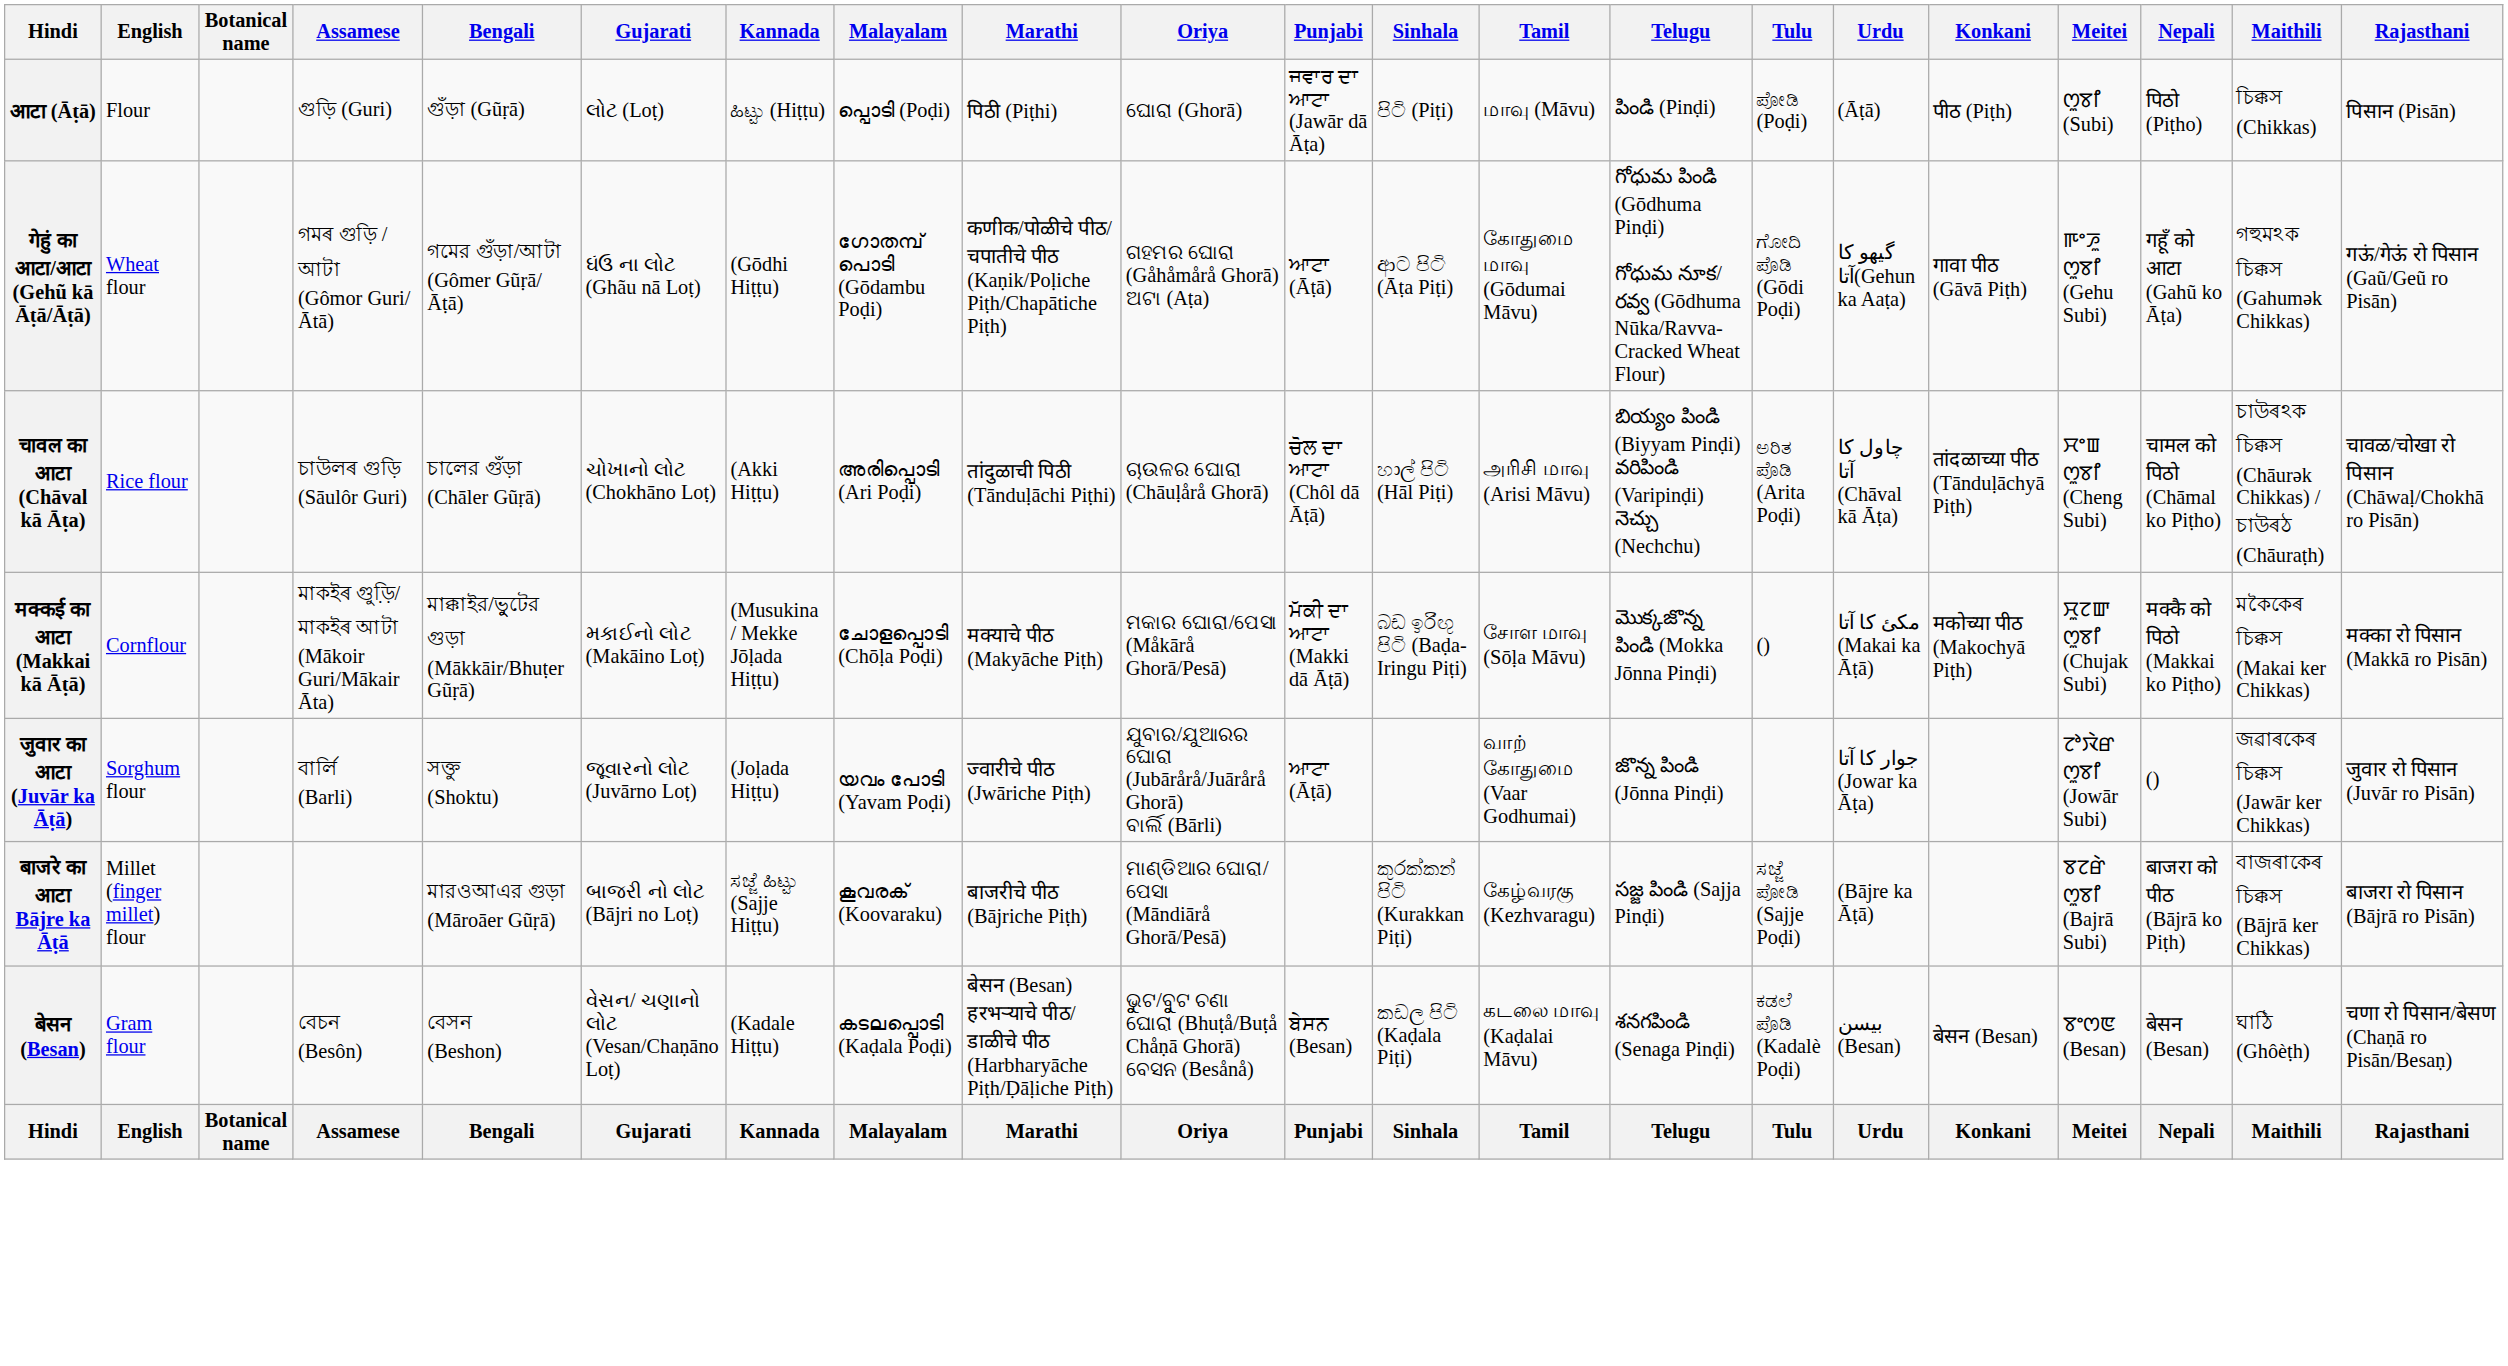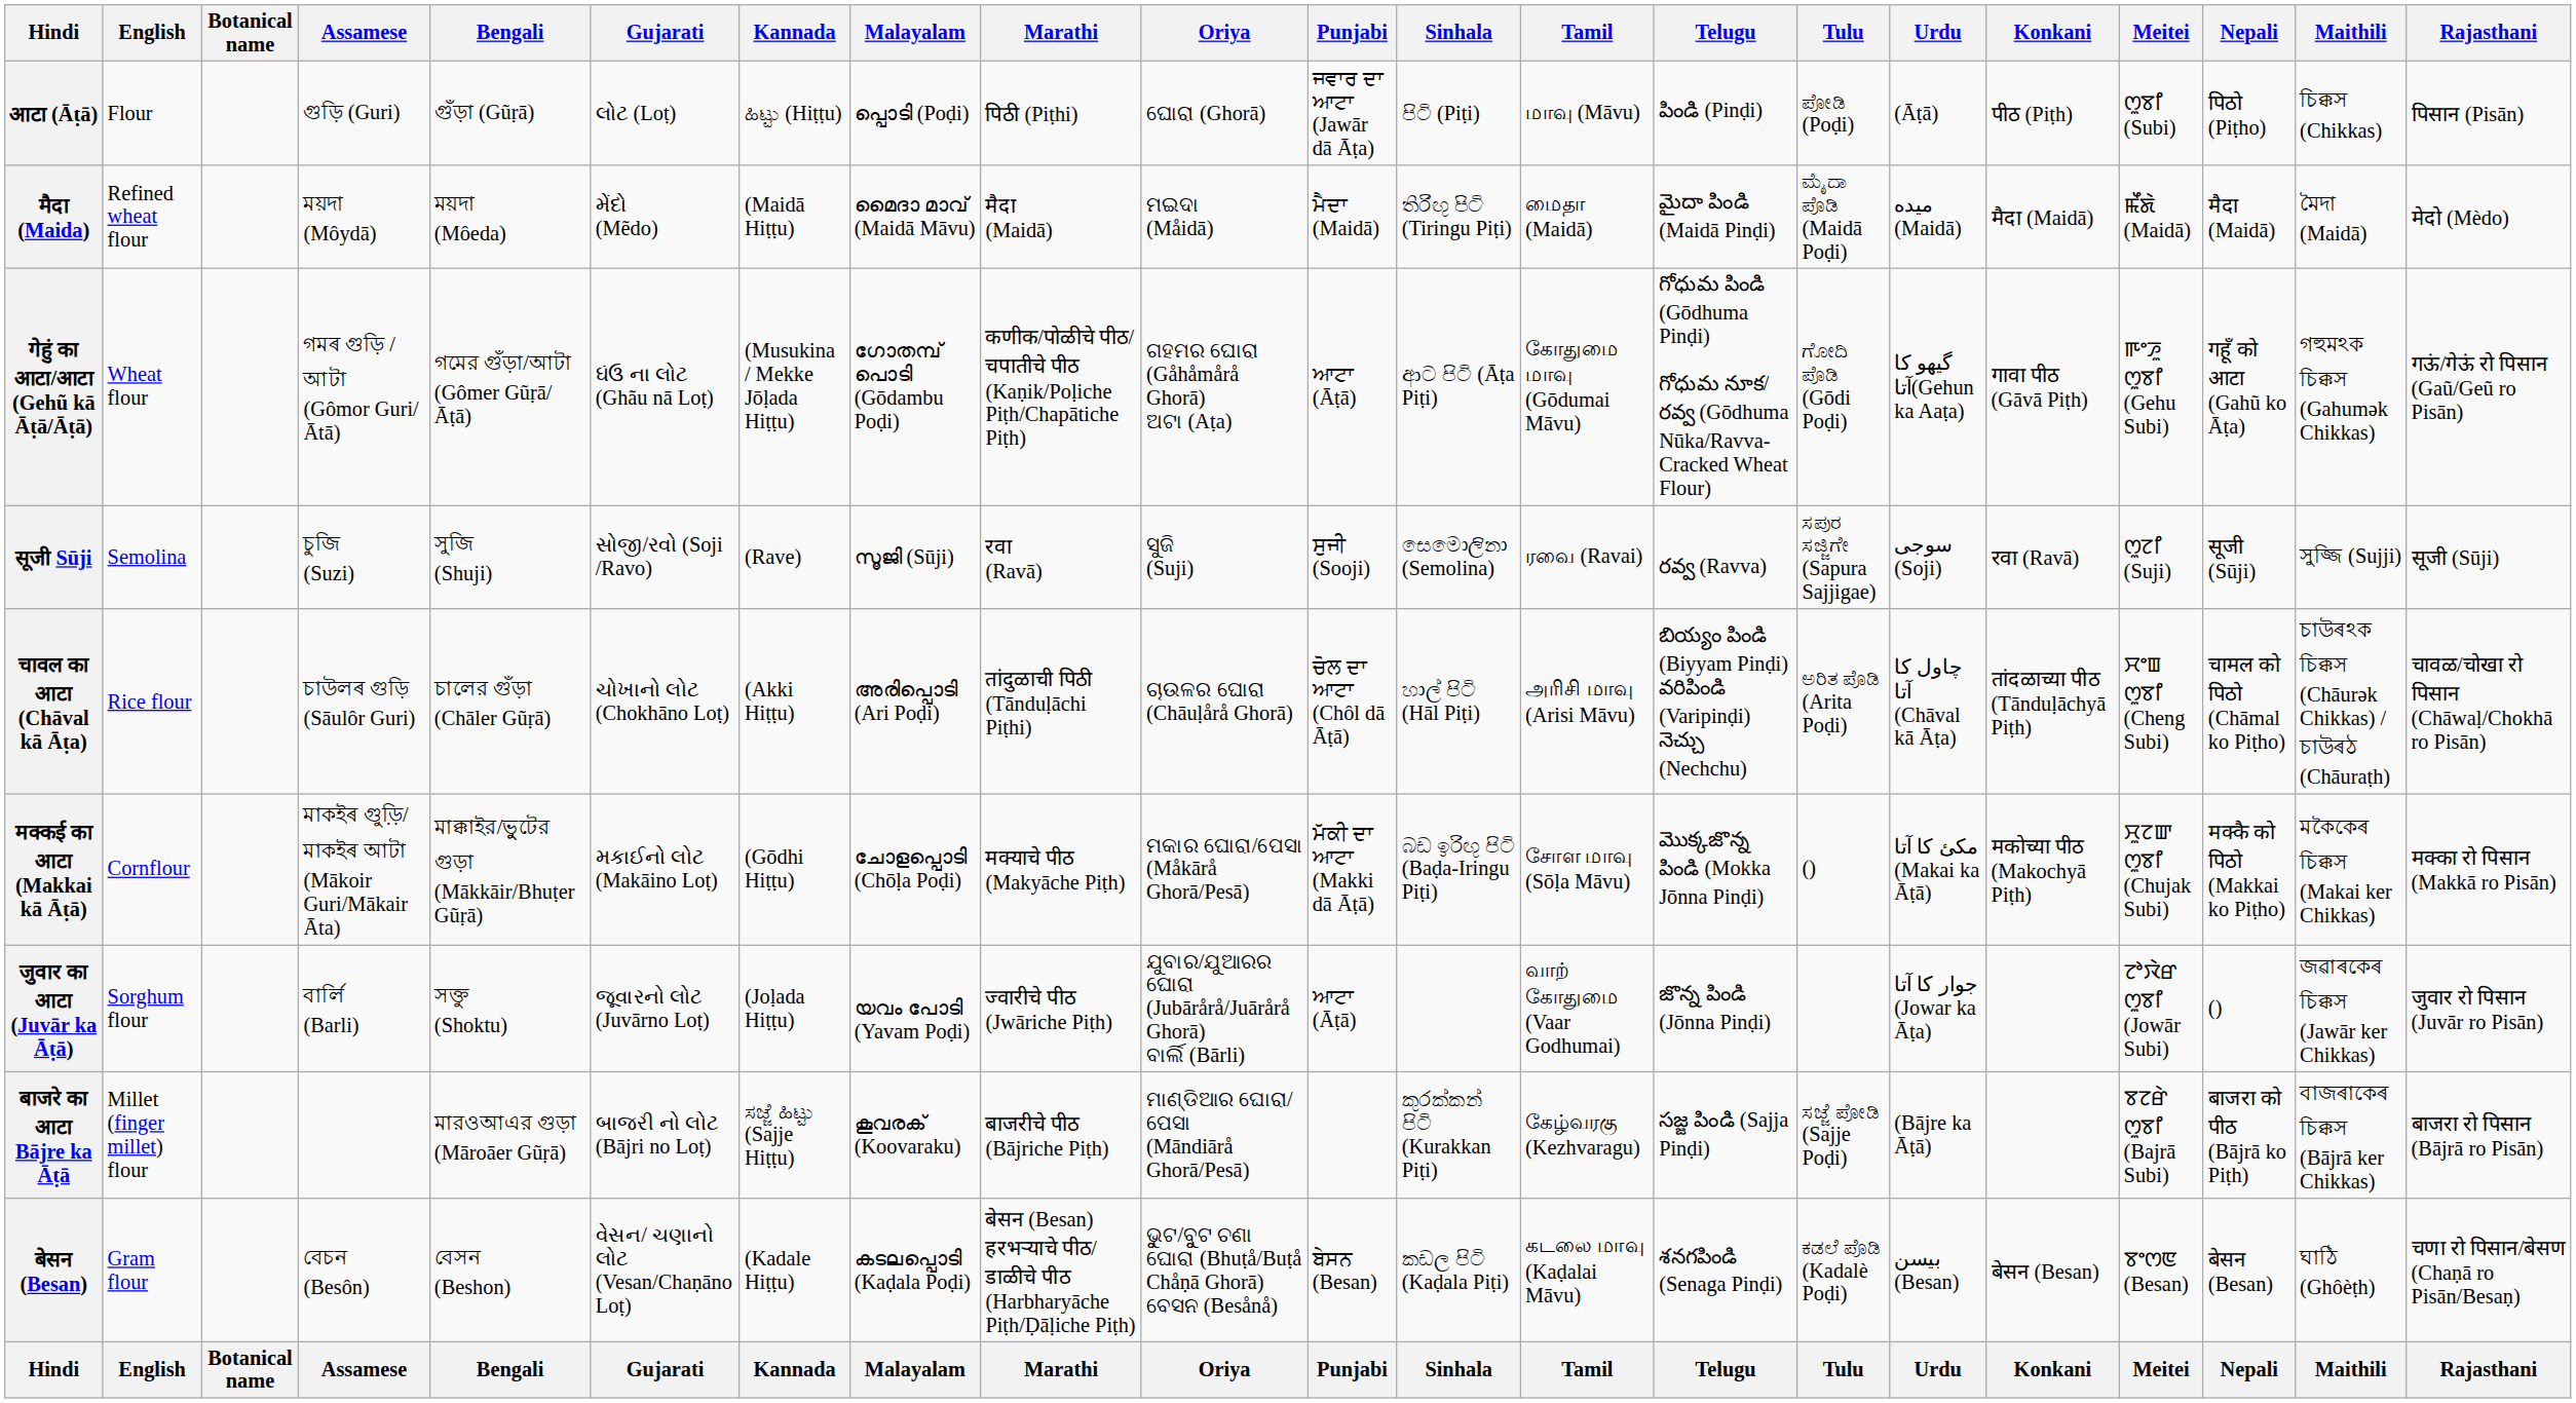 <table class="wikitable sortable">
 <tr>
 <th>Hindi</th>
 <th>English</th>
 <th>Botanical name</th>
 <th><a href='#'>Assamese</a></th>
 <th><a href='#'>Bengali</a></th>
 <th><a href='#'>Gujarati</a></th>
 <th><a href='#'>Kannada</a></th>
 <th><a href='#'>Malayalam</a></th>
 <th><a href='#'>Marathi</a></th>
 <th><a href='#'>Oriya</a></th>
 <th><a href='#'>Punjabi</a></th>
 <th><a href='#'>Sinhala</a></th>
 <th><a href='#'>Tamil</a></th>
 <th><a href='#'>Telugu</a></th>
 <th><a href='#'>Tulu</a></th>
 <th><a href='#'>Urdu</a></th>
 <th><a href='#'>Konkani</a></th>
 <th><a href='#'>Meitei</a></th>
 <th><a href='#'>Nepali</a></th>
 <th><a href='#'>Maithili</a></th>
 <th><a href='#'>Rajasthani</a></th>
 </tr>
 <tr>
 <th>आटा (Āṭā)</th>
 <td>Flour</td>
 <td></td>
 <td>গুড়ি (Guri)</td>
 <td>গুঁড়া (Gũṛā)</td>
 <td>લોટ (Loṭ)</td>
 <td>ಹಿಟ್ಟು (Hiṭṭu)</td>
 <td>പ്പൊടി (Poḍi)</td>
 <td>पिठी (Piṭhi)</td>
 <td>ଘୋରା (Ghorā)</td>
 <td>ਜਵਾਰ ਦਾ ਆਟਾ (Jawār dā Āṭa)</td>
 <td>පිටි (Piṭi)</td>
 <td>மாவு (Māvu)</td>
 <td>పిండి (Pinḍi)</td>
 <td>ಪೋಡಿ (Poḍi)</td>
 <td>(Āṭā)</td>
 <td>पीठ (Piṭh)</td>
 <td>ꯁꯨꯕꯤ (Subi)</td>
 <td>पिठो (Piṭho)</td>
 <td>চিক্কস (Chikkas)</td>
 <td>पिसान (Pisān)</td>
 </tr>
 <tr>
+<th>मैदा (<a href='#'>Maida</a>)</th>
+<td>Refined <a href='#'>wheat</a> flour</td>
+<td></td>
+<td>ময়দা<br>(Môydā)</td>
+<td>ময়দা<br>(Môeda)</td>
+<td>મેંદો<br>(Mẽdo)</td>
+<td> (Maidā Hiṭṭu)</td>
+<td>മൈദാ മാവ് (Maidā Māvu)</td>
+<td>मैदा<br>(Maidā)</td>
+<td>ମଇଦା<br>(Måidā)</td>
+<td>ਮੈਦਾ (Maidā)</td>
+<td>තිරිඟු පිටි (Tiringu Piṭi)</td>
+<td>மைதா (Maidā)</td>
+<td>మైదా పిండి (Maidā Pinḍi)</td>
+<td>ಮೈದಾ ಪೊಡಿ (Maidā Poḍi)</td>
+<td>ميده (Maidā)</td>
+<td>मैदा (Maidā)</td>
+<td>ꯃꯩꯗꯥ (Maidā)</td>
+<td>मैदा (Maidā)</td>
+<td>মৈদা (Maidā)</td>
+<td>मेदो (Mèdo)</td>
+</tr>
+<tr>
 <th>गेहुं का आटा/आटा (Gehũ kā Āṭā/Āṭā)</th>
 <td><a href='#'>Wheat</a> flour</td>
 <td></td>
 <td>গমৰ গুড়ি /আটা<br>(Gômor Guri/Ātā)</td>
 <td>গমের গুঁড়া/আটা<br>(Gômer Gũṛā/Āṭā)</td>
 <td>ઘંંઉ ના લોટ<br>(Ghãu nā Loṭ)</td>
-<td> (Gōdhi Hiṭṭu)</td>
+<td> (Musukina / Mekke Jōḷada Hiṭṭu)</td>
 <td>ഗോതമ്പ് പൊടി (Gōdambu Poḍi)</td>
 <td>कणीक/पोळीचे पीठ/चपातीचे पीठ<br>(Kaṇik/Poḷiche Piṭh/Chapātiche Piṭh)</td>
 <td>ଗହମର ଘୋରା (Gåhåmårå Ghorā)<br> ଅଟା (Aṭa)</td>
 <td>ਆਟਾ (Āṭā)</td>
 <td>ආට පිටි (Āṭa Piṭi)</td>
 <td>கோதுமை மாவு (Gōdumai Māvu)</td>
 <td>గోధుమ పిండి (Gōdhuma Pinḍi)<br><br>గోధుమ నూక/రవ్వ (Gōdhuma Nūka/Ravva-Cracked Wheat Flour)</td>
 <td>ಗೋದಿ ಪೊಡಿ (Gōdi Poḍi)</td>
 <td>گيهو كا آتا(Gehun ka Aaṭa)</td>
 <td>गावा पीठ (Gāvā Piṭh)</td>
 <td>ꯒꯦꯍꯨ ꯁꯨꯕꯤ (Gehu Subi)</td>
 <td>गहूँ को आटा (Gahũ ko Āṭa)</td>
 <td>গহুমঽক চিক্কস (Gahumək Chikkas)</td>
 <td>गऊं/गेऊं रो पिसान (Gaũ/Geũ ro Pisān)</td>
+</tr>
+<tr>
+<th>सूजी <a href='#'>Sūji</a></th>
+<td><a href='#'>Semolina</a></td>
+<td></td>
+<td>চুজি<br>(Suzi)</td>
+<td>সুজি<br>(Shuji)</td>
+<td>સોજી/રવો (Soji /Ravo)</td>
+<td> (Rave)</td>
+<td>സൂജി (Sūji)</td>
+<td>रवा<br>(Ravā)</td>
+<td>ସୁଜି<br>(Suji)</td>
+<td>ਸੁਜੀ (Sooji)</td>
+<td>සෙමොලිනා (Semolina)</td>
+<td>ரவை (Ravai)</td>
+<td><br>రవ్వ (Ravva)</td>
+<td>ಸಪುರ ಸಜ್ಜಿಗೇ (Sapura Sajjigae)</td>
+<td>سوجى (Soji)</td>
+<td>रवा (Ravā)</td>
+<td>ꯁꯨꯖꯤ (Suji)</td>
+<td>सूजी (Sūji)</td>
+<td>সুজ্জি (Sujji)</td>
+<td>सूजी (Sūji)</td>
 </tr>
 <tr>
 <th>चावल का आटा (Chāval kā Āṭa)</th>
 <td><a href='#'>Rice flour</a></td>
 <td></td>
 <td>চাউলৰ গুড়ি<br>(Sāulôr Guri)</td>
 <td>চালের গুঁড়া<br>(Chāler Gũṛā)</td>
 <td>ચોખાનો લોટ<br>(Chokhāno Loṭ)</td>
 <td> (Akki Hiṭṭu)</td>
 <td>അരിപ്പൊടി (Ari Poḍi)</td>
 <td>तांदुळाची पिठी<br>(Tānduḷāchi Piṭhi)</td>
 <td>ଚାଉଳର ଘୋରା<br> (Chāuḷårå Ghorā)</td>
 <td>ਚੋਲ ਦਾ ਆਟਾ (Chôl dā Āṭā)</td>
 <td>හාල් පිටි (Hāl Piṭi)</td>
 <td>அரிசி மாவு (Arisi Māvu)</td>
 <td>బియ్యం పిండి (Biyyam Pinḍi)<br>వరిపిండి (Varipinḍi) నెచ్చు (Nechchu)</td>
 <td>ಅರಿತ ಪೊಡಿ (Arita Poḍi)</td>
 <td>چاول كا آتا (Chāval kā Āṭa)</td>
 <td>तांदळाच्या पीठ (Tānduḷāchyā Piṭh)</td>
 <td>ꯆꯦꯡ ꯁꯨꯕꯤ (Cheng Subi)</td>
 <td>चामल को पिठो (Chāmal ko Piṭho)</td>
 <td>চাউৰঽক চিক্কস (Chāurək Chikkas) /<br> চাউৰঠ (Chāuraṭh)</td>
 <td>चावळ/चोखा रो पिसान (Chāwaḷ/Chokhā ro Pisān)</td>
 </tr>
 <tr>
 <th>मक्कई का आटा<br>(Makkai kā Āṭā)</th>
 <td><a href='#'>Cornflour</a></td>
 <td></td>
 <td>মাকইৰ গুু়ড়ি/মাকইৰ আটা (Mākoir Guri/Mākair Āta)</td>
 <td>মাক্কাইর/ভুুটের গুড়া (Mākkāir/Bhuṭer Gũṛā)</td>
 <td>મકાઈનો લોટ<br>(Makāino Loṭ)</td>
-<td> (Musukina / Mekke Jōḷada Hiṭṭu)</td>
+<td> (Gōdhi Hiṭṭu)</td>
 <td>ചോളപ്പൊടി (Chōḷa Poḍi)</td>
 <td>मक्याचे पीठ<br>(Makyāche Piṭh)</td>
 <td>ମକାର ଘୋରା/ପେସା<br> (Måkārå Ghorā/Pesā)</td>
 <td>ਮੱਕੀ ਦਾ ਆਟਾ <br>(Makki dā Āṭā)</td>
 <td>බඩ ඉරිඟු පිටි (Baḍa-Iringu Piṭi)</td>
 <td>சோள மாவு (Sōḷa Māvu)</td>
 <td>మొక్కజొన్న పిండి (Mokka Jōnna Pinḍi)</td>
 <td>()</td>
 <td>مكئ كا آتا (Makai ka Āṭā)</td>
 <td>मकोच्या पीठ (Makochyā Piṭh)</td>
 <td>ꯆꯨꯖꯛ ꯁꯨꯕꯤ (Chujak Subi)</td>
 <td>मक्कै को पिठो (Makkai ko Piṭho)</td>
 <td>মকৈকেৰ চিক্কস (Makai ker Chikkas)</td>
 <td>मक्का रो पिसान (Makkā ro Pisān)</td>
 </tr>
 <tr>
 <th>जुवार का आटा (<a href='#'>Juvār ka Āṭā</a>)</th>
 <td><a href='#'>Sorghum</a> flour</td>
 <td></td>
 <td>বাৰ্লি<br>(Barli)</td>
 <td>সক্তু<br>(Shoktu)</td>
 <td>જૂવારનો લોટ<br>(Juvārno Loṭ)</td>
 <td> (Joḷada Hiṭṭu)</td>
 <td><br>യവം പോടി (Yavam Poḍi)</td>
 <td>ज्वारीचे पीठ<br>(Jwāriche Piṭh)</td>
 <td>ଯୁବାର/ଯୁଆରର ଘୋରା (Jubārårå/Juārårå Ghorā)<br>ବାର୍ଲି (Bārli)</td>
 <td>ਆਟਾ (Āṭā)</td>
 <td></td>
 <td>வாற் கோதுமை (Vaar Godhumai)</td>
 <td>జొన్న పిండి (Jōnna Pinḍi)</td>
 <td></td>
 <td>جوار كا آتا (Jowar ka Āṭa)</td>
 <td></td>
 <td>ꯖꯣꯋꯥꯔ ꯁꯨꯕꯤ (Jowār Subi)</td>
 <td>()</td>
 <td>জৱাৰকেৰ চিক্কস (Jawār ker Chikkas)</td>
 <td>जुवार रो पिसान (Juvār ro Pisān)</td>
 </tr>
 <tr>
 <th>बाजरे का आटा <a href='#'>Bājre ka Āṭā</a></th>
 <td>Millet (<a href='#'>finger millet</a>) flour</td>
 <td></td>
 <td></td>
 <td>মারওআএর গুড়া (Māroāer Gũṛā)</td>
 <td>બાજરી નો લોટ<br>(Bājri no Loṭ)</td>
 <td>ಸಜ್ಜೆ ಹಿಟ್ಟು (Sajje Hiṭṭu)</td>
 <td>കൂവരക് (Koovaraku)</td>
 <td>बाजरीचे पीठ<br>(Bājriche Piṭh)</td>
 <td>ମାଣ୍ଡିଆର ଘୋରା/ପେସା<br> (Māndiārå Ghorā/Pesā)</td>
 <td></td>
 <td>කුරක්කන් පිටි (Kurakkan Piṭi)</td>
 <td>கேழ்வரகு (Kezhvaragu)</td>
 <td>సజ్జ పిండి (Sajja Pinḍi)</td>
 <td>ಸಜ್ಜೆ ಪೋಡಿ (Sajje Poḍi)</td>
 <td>(Bājre ka Āṭā)</td>
 <td></td>
 <td>ꯕꯖꯔꯥ ꯁꯨꯕꯤ (Bajrā Subi)</td>
 <td>बाजरा को पीठ (Bājrā ko Piṭh)</td>
 <td>বাজৰাকেৰ চিক্কস (Bājrā ker Chikkas)</td>
 <td>बाजरा रो पिसान (Bājrā ro Pisān)</td>
 </tr>
 <tr>
 <th>बेसन (<a href='#'>Besan</a>)</th>
 <td><a href='#'>Gram flour</a></td>
 <td></td>
 <td>বেচন<br>(Besôn)</td>
 <td>বেসন<br>(Beshon)</td>
 <td>વેસન/ ચણાનો લોટ<br>(Vesan/Chaṇāno Loṭ)</td>
 <td> (Kadale Hiṭṭu)</td>
 <td>കടലപ്പൊടി (Kaḍala Poḍi)</td>
 <td>बेसन (Besan)<br>हरभऱ्याचे पीठ/डाळीचे पीठ (Harbharyāche Piṭh/Ḍāḷiche Piṭh)</td>
 <td>ଭୁୁଟ/ବୁୁଟ ଚଣା ଘୋରା  (Bhuṭå/Buṭå Chåṇā Ghorā) <br>ବେସନ (Besånå)</td>
 <td>ਬੇਸਨ (Besan)</td>
 <td>කඩල පිටි (Kaḍala Piṭi)</td>
 <td>கடலை மாவு (Kaḍalai Māvu)</td>
 <td>శనగపిండి (Senaga Pinḍi)</td>
 <td>ಕಡಲೆ ಪೊಡಿ (Kadalè Poḍi)</td>
 <td>بيسن (Besan)</td>
 <td>बेसन (Besan)</td>
 <td>ꯕꯦꯁꯟ (Besan)</td>
 <td>बेसन (Besan)</td>
 <td>ঘাঠি (Ghôèṭh)</td>
 <td>चणा रो पिसान/बेसण (Chaṇā ro Pisān/Besaṇ)</td>
 </tr>
 <tr class="sortbottom">
 <th>Hindi</th>
 <th>English</th>
 <th>Botanical name</th>
 <th>Assamese</th>
 <th>Bengali</th>
 <th>Gujarati</th>
 <th>Kannada</th>
 <th>Malayalam</th>
 <th>Marathi</th>
 <th>Oriya</th>
 <th>Punjabi</th>
 <th>Sinhala</th>
 <th>Tamil</th>
 <th>Telugu</th>
 <th>Tulu</th>
 <th>Urdu</th>
 <th>Konkani</th>
 <th>Meitei</th>
 <th>Nepali</th>
 <th>Maithili</th>
 <th>Rajasthani</th>
 </tr>
 </table>
